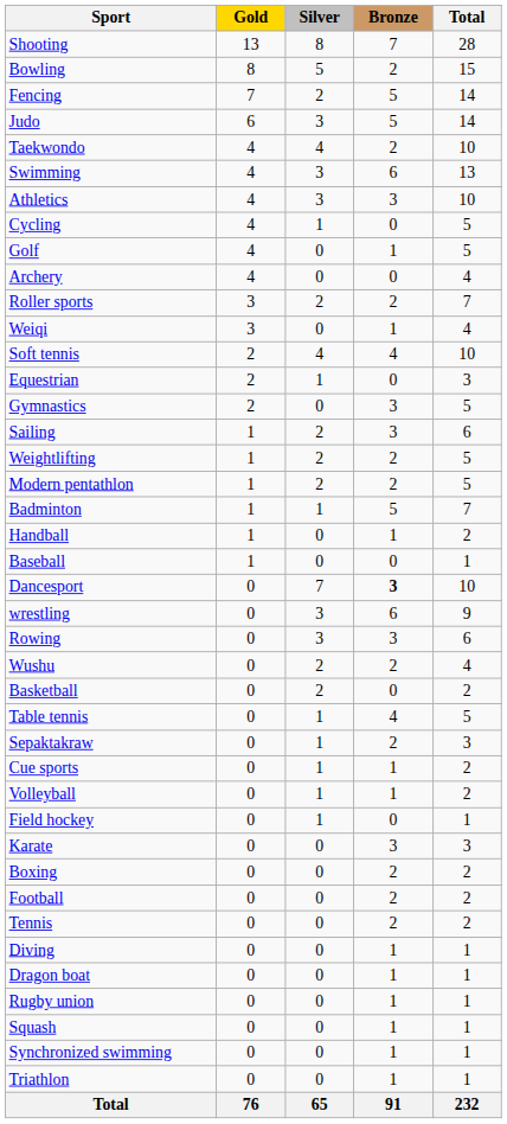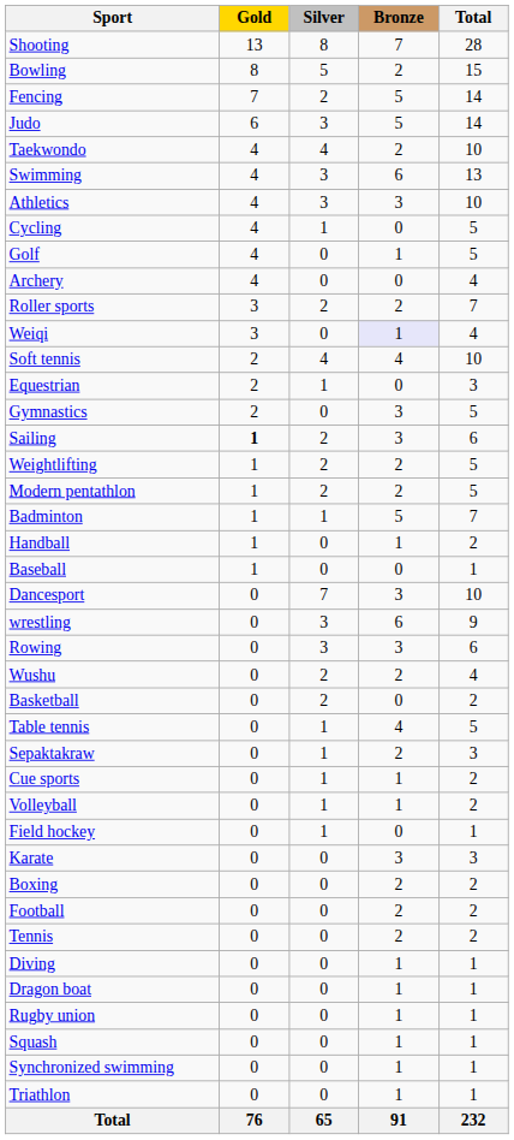 <table class="wikitable sortable" style="text-align:center;">
 <tr>
 <th width=200>Sport</th>
 <td bgcolor=gold width=60><strong>Gold</strong></td>
 <td bgcolor=silver width=60><strong>Silver</strong></td>
 <td bgcolor=#cc9966 width=70><strong>Bronze</strong></td>
 <th width=60>Total</th>
 </tr>
 <tr>
 <td align=left><a href='#'>Shooting</a></td>
 <td>13</td>
 <td>8</td>
 <td>7</td>
 <td>28</td>
 </tr>
 <tr>
 <td align=left><a href='#'>Bowling</a></td>
 <td>8</td>
 <td>5</td>
 <td>2</td>
 <td>15</td>
 </tr>
 <tr>
 <td align=left><a href='#'>Fencing</a></td>
 <td>7</td>
 <td>2</td>
 <td>5</td>
 <td>14</td>
 </tr>
 <tr>
 <td align=left><a href='#'>Judo</a></td>
 <td>6</td>
 <td>3</td>
 <td>5</td>
 <td>14</td>
 </tr>
 <tr>
 <td align=left><a href='#'>Taekwondo</a></td>
 <td>4</td>
 <td>4</td>
 <td>2</td>
 <td>10</td>
 </tr>
 <tr>
 <td align=left><a href='#'>Swimming</a></td>
 <td>4</td>
 <td>3</td>
 <td>6</td>
 <td>13</td>
 </tr>
 <tr>
 <td align=left><a href='#'>Athletics</a></td>
 <td>4</td>
 <td>3</td>
 <td>3</td>
 <td>10</td>
 </tr>
 <tr>
 <td align=left><a href='#'>Cycling</a></td>
 <td>4</td>
 <td>1</td>
 <td>0</td>
 <td>5</td>
 </tr>
 <tr>
 <td align=left><a href='#'>Golf</a></td>
 <td>4</td>
 <td>0</td>
 <td>1</td>
 <td>5</td>
 </tr>
 <tr>
 <td align=left><a href='#'>Archery</a></td>
 <td>4</td>
 <td>0</td>
 <td>0</td>
 <td>4</td>
 </tr>
 <tr>
 <td align=left><a href='#'>Roller sports</a></td>
 <td>3</td>
 <td>2</td>
 <td>2</td>
 <td>7</td>
 </tr>
 <tr>
 <td align=left><a href='#'>Weiqi</a></td>
 <td>3</td>
 <td>0</td>
-<td>1</td>
+<td style="background: lavender;">1</td>
 <td>4</td>
 </tr>
 <tr>
 <td align=left><a href='#'>Soft tennis</a></td>
 <td>2</td>
 <td>4</td>
 <td>4</td>
 <td>10</td>
 </tr>
 <tr>
 <td align=left><a href='#'>Equestrian</a></td>
 <td>2</td>
 <td>1</td>
 <td>0</td>
 <td>3</td>
 </tr>
 <tr>
 <td align=left><a href='#'>Gymnastics</a></td>
 <td>2</td>
 <td>0</td>
 <td>3</td>
 <td>5</td>
 </tr>
 <tr>
 <td align=left><a href='#'>Sailing</a></td>
-<td>1</td>
+<td><strong>1</strong></td>
 <td>2</td>
 <td>3</td>
 <td>6</td>
 </tr>
 <tr>
 <td align=left><a href='#'>Weightlifting</a></td>
 <td>1</td>
 <td>2</td>
 <td>2</td>
 <td>5</td>
 </tr>
 <tr>
 <td align=left><a href='#'>Modern pentathlon</a></td>
 <td>1</td>
 <td>2</td>
 <td>2</td>
 <td>5</td>
 </tr>
 <tr>
 <td align=left><a href='#'>Badminton</a></td>
 <td>1</td>
 <td>1</td>
 <td>5</td>
 <td>7</td>
 </tr>
 <tr>
 <td align=left><a href='#'>Handball</a></td>
 <td>1</td>
 <td>0</td>
 <td>1</td>
 <td>2</td>
 </tr>
 <tr>
 <td align=left><a href='#'>Baseball</a></td>
 <td>1</td>
 <td>0</td>
 <td>0</td>
 <td>1</td>
 </tr>
 <tr>
 <td align=left><a href='#'>Dancesport</a></td>
 <td>0</td>
 <td>7</td>
-<td><strong>3</strong></td>
+<td>3</td>
 <td>10</td>
 </tr>
 <tr>
 <td align=left><a href='#'>wrestling</a></td>
 <td>0</td>
 <td>3</td>
 <td>6</td>
 <td>9</td>
 </tr>
 <tr>
 <td align=left><a href='#'>Rowing</a></td>
 <td>0</td>
 <td>3</td>
 <td>3</td>
 <td>6</td>
 </tr>
 <tr>
 <td align=left><a href='#'>Wushu</a></td>
 <td>0</td>
 <td>2</td>
 <td>2</td>
 <td>4</td>
 </tr>
 <tr>
 <td align=left><a href='#'>Basketball</a></td>
 <td>0</td>
 <td>2</td>
 <td>0</td>
 <td>2</td>
 </tr>
 <tr>
 <td align=left><a href='#'>Table tennis</a></td>
 <td>0</td>
 <td>1</td>
 <td>4</td>
 <td>5</td>
 </tr>
 <tr>
 <td align=left><a href='#'>Sepaktakraw</a></td>
 <td>0</td>
 <td>1</td>
 <td>2</td>
 <td>3</td>
 </tr>
 <tr>
 <td align=left><a href='#'>Cue sports</a></td>
 <td>0</td>
 <td>1</td>
 <td>1</td>
 <td>2</td>
 </tr>
 <tr>
 <td align=left><a href='#'>Volleyball</a></td>
 <td>0</td>
 <td>1</td>
 <td>1</td>
 <td>2</td>
 </tr>
 <tr>
 <td align=left><a href='#'>Field hockey</a></td>
 <td>0</td>
 <td>1</td>
 <td>0</td>
 <td>1</td>
 </tr>
 <tr>
 <td align=left><a href='#'>Karate</a></td>
 <td>0</td>
 <td>0</td>
 <td>3</td>
 <td>3</td>
 </tr>
 <tr>
 <td align=left><a href='#'>Boxing</a></td>
 <td>0</td>
 <td>0</td>
 <td>2</td>
 <td>2</td>
 </tr>
 <tr>
 <td align=left><a href='#'>Football</a></td>
 <td>0</td>
 <td>0</td>
 <td>2</td>
 <td>2</td>
 </tr>
 <tr>
 <td align=left><a href='#'>Tennis</a></td>
 <td>0</td>
 <td>0</td>
 <td>2</td>
 <td>2</td>
 </tr>
 <tr>
 <td align=left><a href='#'>Diving</a></td>
 <td>0</td>
 <td>0</td>
 <td>1</td>
 <td>1</td>
 </tr>
 <tr>
 <td align=left><a href='#'>Dragon boat</a></td>
 <td>0</td>
 <td>0</td>
 <td>1</td>
 <td>1</td>
 </tr>
 <tr>
 <td align=left><a href='#'>Rugby union</a></td>
 <td>0</td>
 <td>0</td>
 <td>1</td>
 <td>1</td>
 </tr>
 <tr>
 <td align=left><a href='#'>Squash</a></td>
 <td>0</td>
 <td>0</td>
 <td>1</td>
 <td>1</td>
 </tr>
 <tr>
 <td align=left><a href='#'>Synchronized swimming</a></td>
 <td>0</td>
 <td>0</td>
 <td>1</td>
 <td>1</td>
 </tr>
 <tr>
 <td align=left><a href='#'>Triathlon</a></td>
 <td>0</td>
 <td>0</td>
 <td>1</td>
 <td>1</td>
 </tr>
 <tr>
 <th>Total</th>
 <th>76</th>
 <th>65</th>
 <th>91</th>
 <th>232</th>
 </tr>
 </table>
